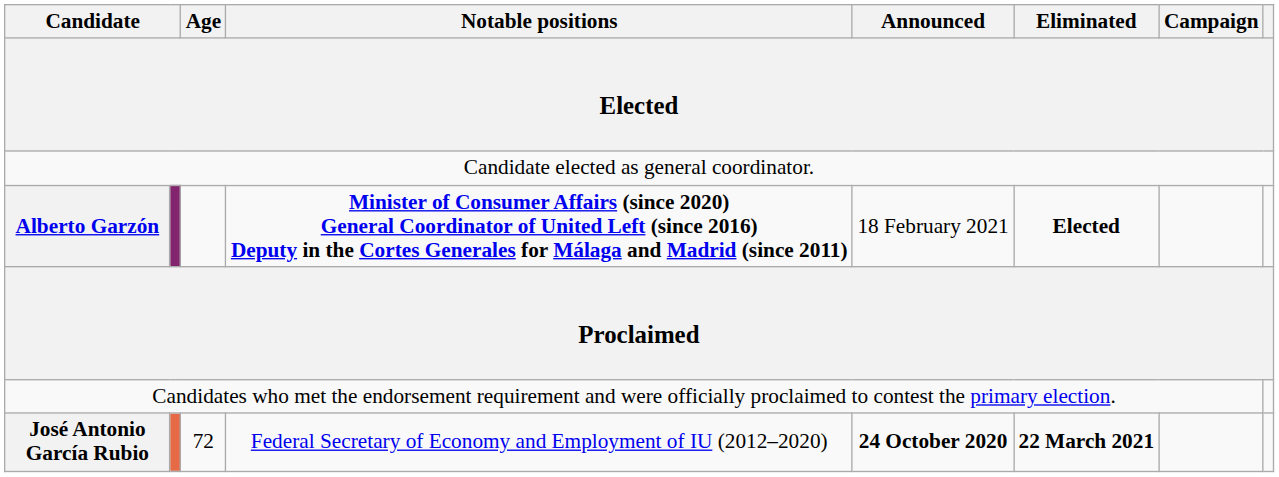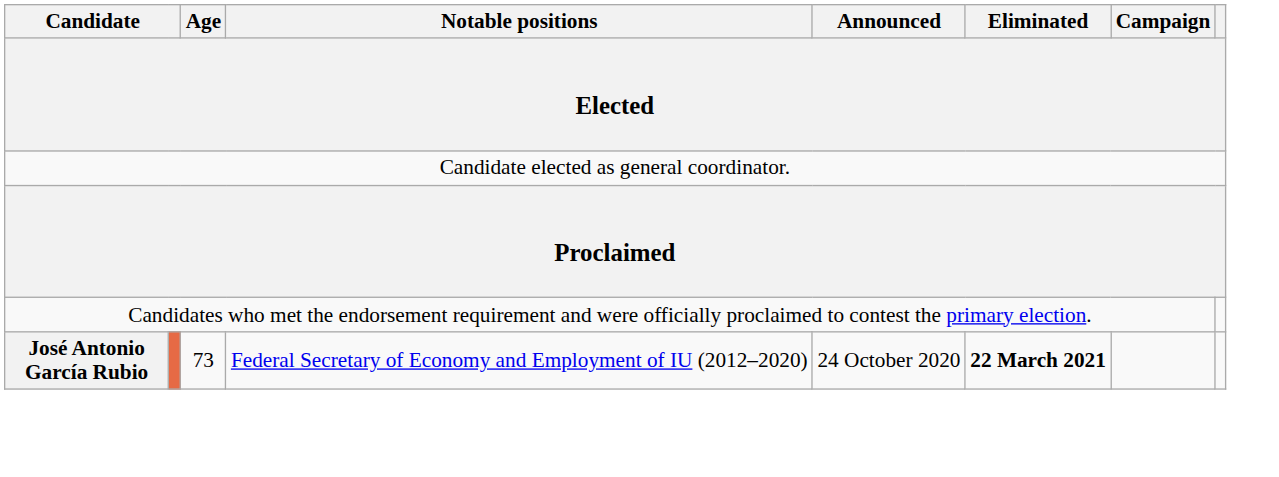 <table class="wikitable" style="text-align:center;">
 <tr>
 <th colspan="2" width="125">Candidate</th>
 <th>Age</th>
 <th>Notable positions</th>
 <th>Announced</th>
 <th>Eliminated</th>
 <th>Campaign</th>
 <th></th>
 </tr>
 <tr>
 <th colspan="8"><br><h3>Elected</h3></th>
 </tr>
 <tr>
 <td colspan="8">Candidate elected as general coordinator.</td>
 </tr>
 <tr>
-<th><a href='#'>Alberto Garzón</a></th>
-<td style="background:#83246E"></td>
-<td></td>
-<td><strong><a href='#'>Minister of Consumer Affairs</a> (since 2020)<br><a href='#'>General Coordinator of United Left</a> (since 2016)<br><a href='#'>Deputy</a> in the <a href='#'>Cortes Generales</a> for <a href='#'>Málaga</a> and <a href='#'>Madrid</a> (since 2011)</strong></td>
-<td>18 February 2021</td>
-<td> <strong>Elected</strong></td>
-<td><br></td>
-<td></td>
-</tr>
-<tr>
 <th colspan="8"><br><h3>Proclaimed</h3></th>
 </tr>
 <tr>
 <td colspan="7">Candidates who met the endorsement requirement and were officially proclaimed to contest the <a href='#'>primary election</a>.</td>
 </tr>
 <tr>
 <th>José Antonio<br>García Rubio</th>
 <td style="background:#E66A45"></td>
-<td>72</td>
+<td>73</td>
 <td><a href='#'>Federal Secretary of Economy and Employment of IU</a> (2012–2020)</td>
-<td><strong>24 October 2020</strong></td>
+<td>24 October 2020</td>
 <td><strong>22 March 2021</strong></td>
 <td><br></td>
 <td><br></td>
 </tr>
 </table>
